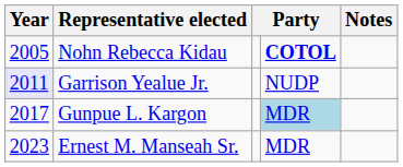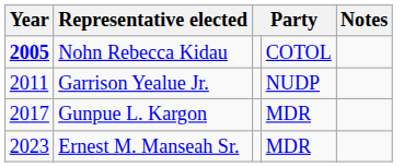 <table class="wikitable">
 <tr>
 <th>Year</th>
 <th>Representative elected</th>
 <th colspan=2>Party</th>
 <th>Notes</th>
 </tr>
 <tr>
-<td><a href='#'>2005</a></td>
+<td><strong><a href='#'>2005</a></strong></td>
 <td><a href='#'>Nohn Rebecca Kidau</a></td>
 <td></td>
-<td><strong><a href='#'>COTOL</a></strong></td>
+<td><a href='#'>COTOL</a></td>
 <td></td>
 </tr>
 <tr>
-<td style="background: lavender;"><a href='#'>2011</a></td>
+<td><a href='#'>2011</a></td>
 <td><a href='#'>Garrison Yealue Jr.</a></td>
 <td></td>
 <td><a href='#'>NUDP</a></td>
 <td></td>
 </tr>
 <tr>
 <td><a href='#'>2017</a></td>
 <td><a href='#'>Gunpue L. Kargon</a></td>
 <td></td>
-<td style="background: lightblue;"><a href='#'>MDR</a></td>
+<td><a href='#'>MDR</a></td>
 <td></td>
 </tr>
 <tr>
 <td><a href='#'>2023</a></td>
 <td><a href='#'>Ernest M. Manseah Sr.</a></td>
 <td></td>
 <td><a href='#'>MDR</a></td>
 <td></td>
 </tr>
 </table>
